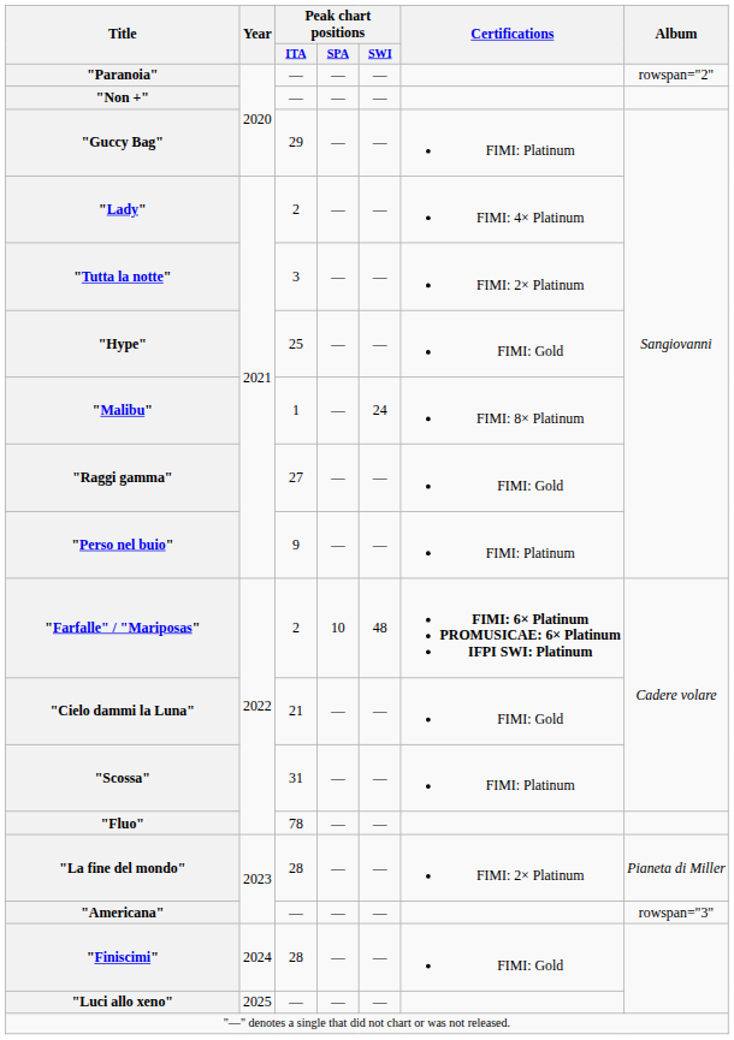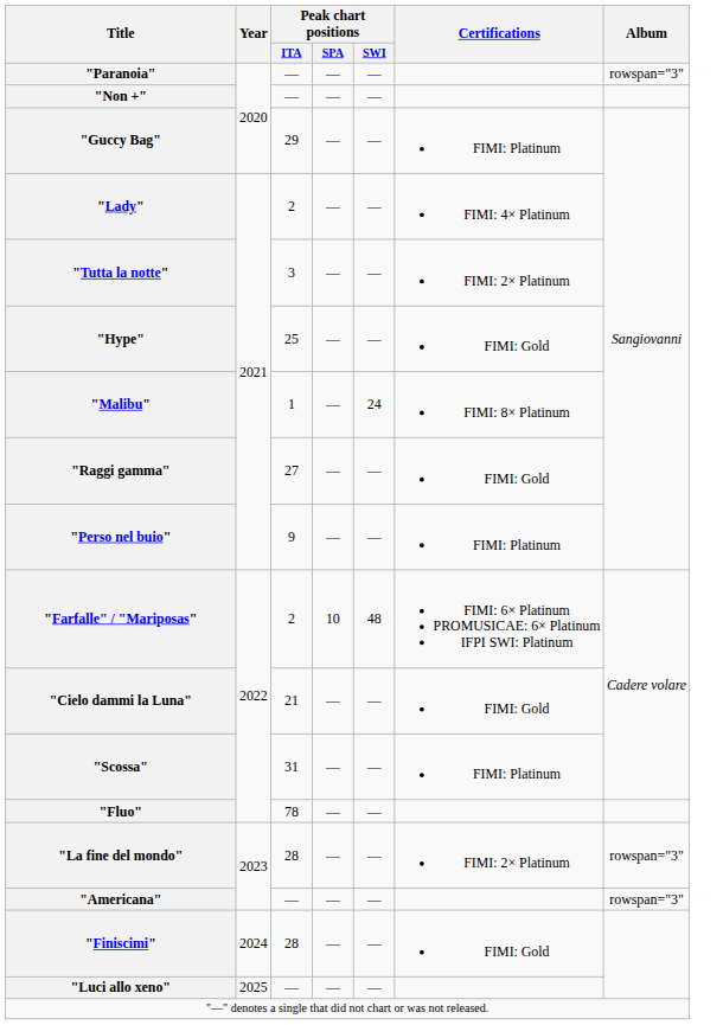 <table class="wikitable plainrowheaders" style="text-align:center;">
 <tr>
 <th rowspan="2" scope="col" style="width:16em;">Title</th>
 <th rowspan="2" scope="col" style="width:1em;">Year</th>
 <th colspan="3" scope="col">Peak chart positions</th>
 <th rowspan="2" scope="col"><a href='#'>Certifications</a></th>
 <th rowspan="2" scope="col">Album</th>
 </tr>
 <tr>
 <th scope="col" style="width:3em;font-size:85%;"><a href='#'>ITA</a><br></th>
 <th scope="col" style="width:3em;font-size:85%;"><a href='#'>SPA</a><br></th>
 <th scope="col" style="width:3em;font-size:85%;"><a href='#'>SWI</a><br></th>
 </tr>
 <tr>
 <th scope="row">"Paranoia"</th>
 <td rowspan="3">2020</td>
 <td>—</td>
 <td>—</td>
 <td>—</td>
 <td></td>
-<td>rowspan="2" </td>
+<td>rowspan="3" </td>
 </tr>
 <tr>
 <th scope="row">"Non +"</th>
 <td>—</td>
 <td>—</td>
 <td>—</td>
 <td></td>
 </tr>
 <tr>
 <th scope="row">"Guccy Bag"</th>
 <td>29</td>
 <td>—</td>
 <td>—</td>
 <td><br><ul><li>FIMI: Platinum</li></ul></td>
 <td rowspan="7"><em>Sangiovanni</em></td>
 </tr>
 <tr>
 <th scope="row">"<a href='#'>Lady</a>"</th>
 <td rowspan="6">2021</td>
 <td>2</td>
 <td>—</td>
 <td>—</td>
 <td><br><ul><li>FIMI: 4× Platinum</li></ul></td>
 </tr>
 <tr>
 <th scope="row">"<a href='#'>Tutta la notte</a>"</th>
 <td>3</td>
 <td>—</td>
 <td>—</td>
 <td><br><ul><li>FIMI: 2× Platinum</li></ul></td>
 </tr>
 <tr>
 <th scope="row">"Hype"</th>
 <td>25</td>
 <td>—</td>
 <td>—</td>
 <td><br><ul><li>FIMI: Gold</li></ul></td>
 </tr>
 <tr>
 <th scope="row">"<a href='#'>Malibu</a>"<br></th>
 <td>1</td>
 <td>—</td>
 <td>24</td>
 <td><br><ul><li>FIMI: 8× Platinum</li></ul></td>
 </tr>
 <tr>
 <th scope="row">"Raggi gamma"</th>
 <td>27</td>
 <td>—</td>
 <td>—</td>
 <td><br><ul><li>FIMI: Gold</li></ul></td>
 </tr>
 <tr>
 <th scope="row">"<a href='#'>Perso nel buio</a>"<br></th>
 <td>9</td>
 <td>—</td>
 <td>—</td>
 <td><br><ul><li>FIMI: Platinum</li></ul></td>
 </tr>
 <tr>
 <th scope="row">"<a href='#'>Farfalle" / "Mariposas</a>"<br></th>
 <td rowspan="4">2022</td>
 <td>2</td>
 <td>10</td>
 <td>48</td>
-<td><strong><br><ul><li>FIMI: 6× Platinum</li><li>PROMUSICAE: 6× Platinum</li><li>IFPI SWI: Platinum</li></ul></strong></td>
+<td><br><ul><li>FIMI: 6× Platinum</li><li>PROMUSICAE: 6× Platinum</li><li>IFPI SWI: Platinum</li></ul></td>
 <td rowspan="3"><em>Cadere volare</em></td>
 </tr>
 <tr>
 <th scope="row">"Cielo dammi la Luna"</th>
 <td>21</td>
 <td>—</td>
 <td>—</td>
 <td><br><ul><li>FIMI: Gold</li></ul></td>
 </tr>
 <tr>
 <th scope="row">"Scossa"</th>
 <td>31</td>
 <td>—</td>
 <td>—</td>
 <td><br><ul><li>FIMI: Platinum</li></ul></td>
 </tr>
 <tr>
 <th scope="row">"Fluo"</th>
 <td>78</td>
 <td>—</td>
 <td>—</td>
 <td></td>
 <td></td>
 </tr>
 <tr>
 <th scope="row">"La fine del mondo"<br></th>
 <td rowspan="2">2023</td>
 <td>28</td>
 <td>—</td>
 <td>—</td>
 <td><br><ul><li>FIMI: 2× Platinum</li></ul></td>
-<td><em>Pianeta di Miller</em></td>
+<td>rowspan="3" </td>
 </tr>
 <tr>
 <th scope="row">"Americana"</th>
 <td>—</td>
 <td>—</td>
 <td>—</td>
 <td></td>
 <td>rowspan="3" </td>
 </tr>
 <tr>
 <th scope="row">"<a href='#'>Finiscimi</a>"</th>
 <td>2024</td>
 <td>28</td>
 <td>—</td>
 <td>—</td>
 <td><br><ul><li>FIMI: Gold</li></ul></td>
 </tr>
 <tr>
 <th scope="row">"Luci allo xeno"</th>
 <td>2025</td>
 <td>—</td>
 <td>—</td>
 <td>—</td>
 <td></td>
 </tr>
 <tr>
 <td colspan="8" style="text-align:center; font-size:85%;">"—" denotes a single that did not chart or was not released.</td>
 </tr>
 </table>
